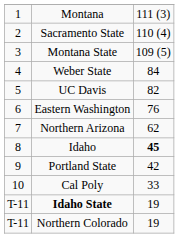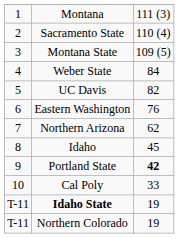 <table class="wikitable" style="display: inline-table;">
 <tr align="center">
 </tr>
 <tr align="center">
 <td>1</td>
 <td>Montana</td>
 <td>111 (3)</td>
 </tr>
 <tr align="center">
 <td>2</td>
 <td>Sacramento State</td>
 <td>110 (4)</td>
 </tr>
 <tr align="center">
 <td>3</td>
 <td>Montana State</td>
 <td>109 (5)</td>
 </tr>
 <tr align="center">
 <td>4</td>
 <td>Weber State</td>
 <td>84</td>
 </tr>
 <tr align="center">
 <td>5</td>
 <td>UC Davis</td>
 <td>82</td>
 </tr>
 <tr align="center">
 <td>6</td>
 <td>Eastern Washington</td>
 <td>76</td>
 </tr>
 <tr align="center">
 <td>7</td>
 <td>Northern Arizona</td>
 <td>62</td>
 </tr>
 <tr align="center">
 <td>8</td>
 <td>Idaho</td>
-<td><strong>45</strong></td>
+<td>45</td>
 </tr>
 <tr align="center">
 <td>9</td>
 <td>Portland State</td>
-<td>42</td>
+<td><strong>42</strong></td>
 </tr>
 <tr align="center">
 <td>10</td>
 <td>Cal Poly</td>
 <td>33</td>
 </tr>
 <tr align="center">
 <td>T-11</td>
 <td><strong>Idaho State</strong></td>
 <td>19</td>
 </tr>
 <tr align="center">
 <td>T-11</td>
 <td>Northern Colorado</td>
 <td>19</td>
 </tr>
 </table>
